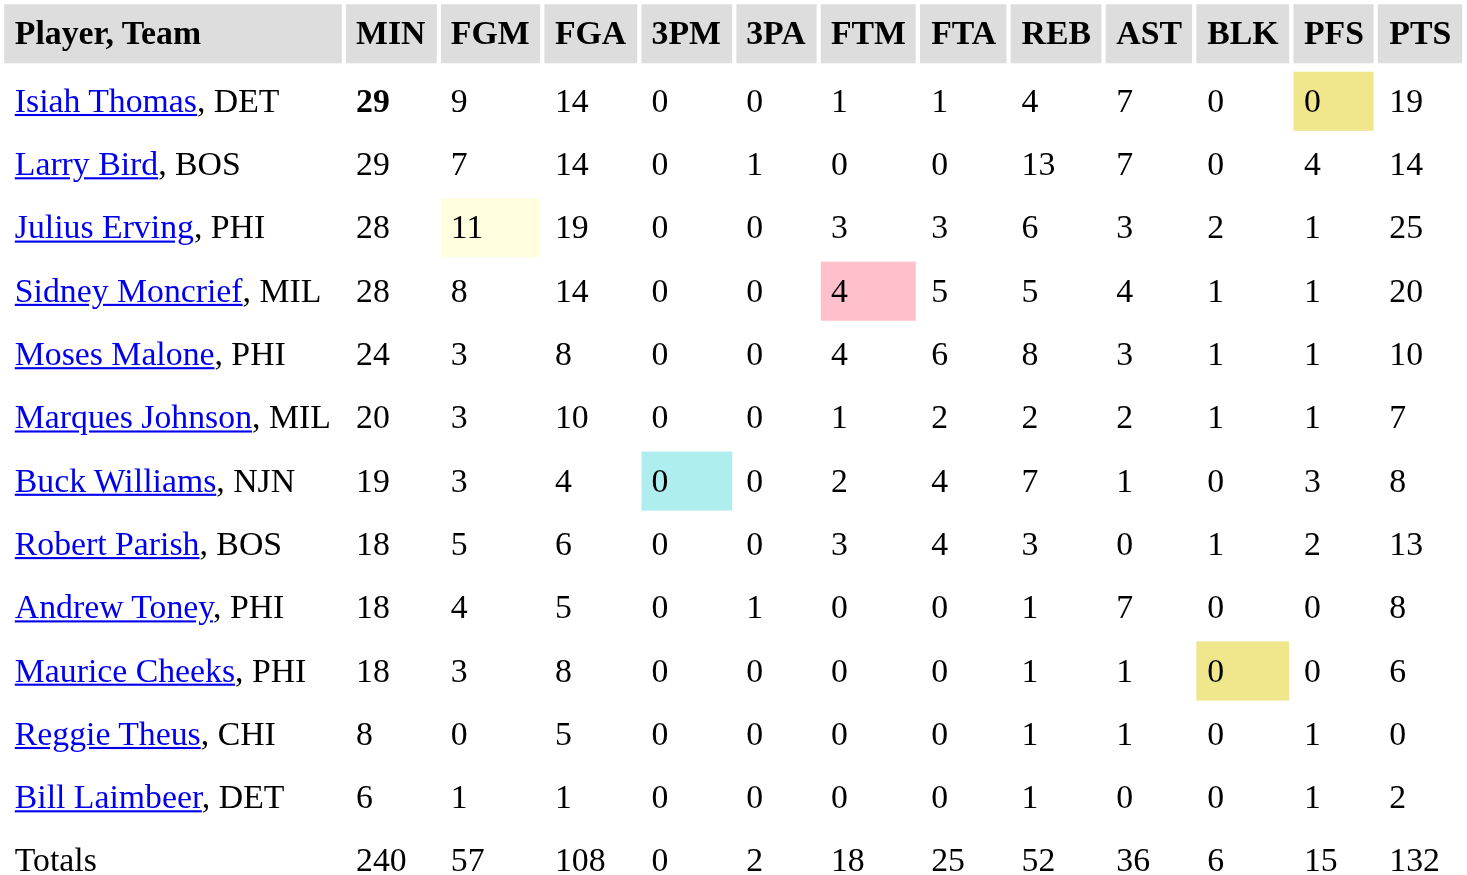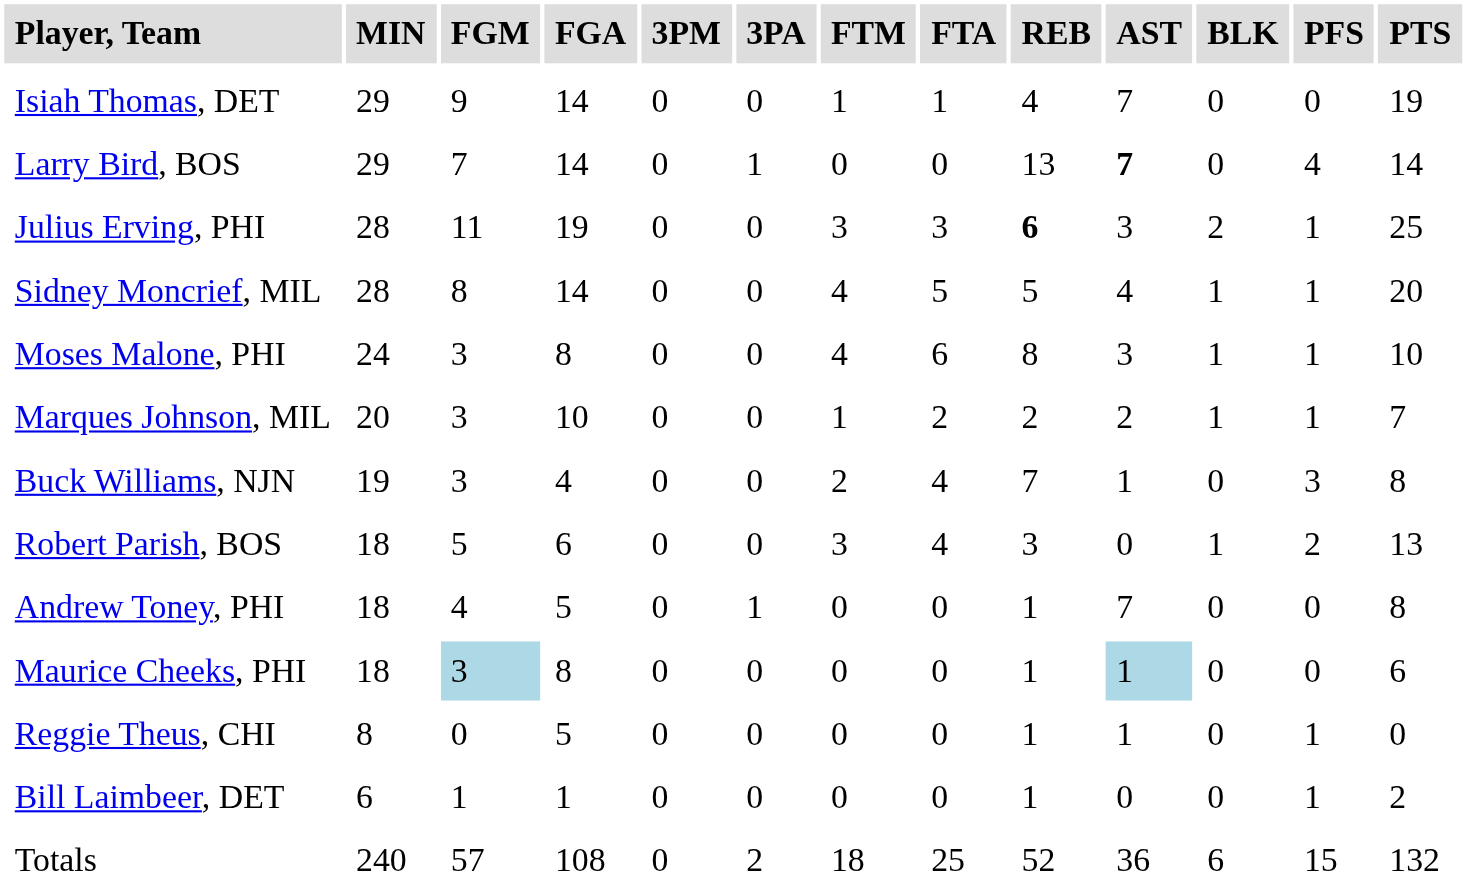 <table cellpadding=5>
 <tr bgcolor="#dddddd">
 <td><strong>Player, Team</strong></td>
 <td><strong>MIN</strong></td>
 <td><strong>FGM</strong></td>
 <td><strong>FGA</strong></td>
 <td><strong>3PM</strong></td>
 <td><strong>3PA</strong></td>
 <td><strong>FTM</strong></td>
 <td><strong>FTA</strong></td>
 <td><strong>REB</strong></td>
 <td><strong>AST</strong></td>
 <td><strong>BLK</strong></td>
 <td><strong>PFS</strong></td>
 <td><strong>PTS</strong></td>
 </tr>
 <tr bgcolor="#eeeeee">
 </tr>
 <tr>
 <td><a href='#'>Isiah Thomas</a>, DET</td>
-<td><strong>29</strong></td>
+<td>29</td>
 <td>9</td>
 <td>14</td>
 <td>0</td>
 <td>0</td>
 <td>1</td>
 <td>1</td>
 <td>4</td>
 <td>7</td>
 <td>0</td>
-<td style="background: khaki;">0</td>
+<td>0</td>
 <td>19</td>
 </tr>
 <tr>
 <td><a href='#'>Larry Bird</a>, BOS</td>
 <td>29</td>
 <td>7</td>
 <td>14</td>
 <td>0</td>
 <td>1</td>
 <td>0</td>
 <td>0</td>
 <td>13</td>
-<td>7</td>
+<td><strong>7</strong></td>
 <td>0</td>
 <td>4</td>
 <td>14</td>
 </tr>
 <tr>
 <td><a href='#'>Julius Erving</a>, PHI</td>
 <td>28</td>
-<td style="background: lightyellow;">11</td>
+<td>11</td>
 <td>19</td>
 <td>0</td>
 <td>0</td>
 <td>3</td>
 <td>3</td>
-<td>6</td>
+<td><strong>6</strong></td>
 <td>3</td>
 <td>2</td>
 <td>1</td>
 <td>25</td>
 </tr>
 <tr>
 <td><a href='#'>Sidney Moncrief</a>, MIL</td>
 <td>28</td>
 <td>8</td>
 <td>14</td>
 <td>0</td>
 <td>0</td>
-<td style="background: pink;">4</td>
+<td>4</td>
 <td>5</td>
 <td>5</td>
 <td>4</td>
 <td>1</td>
 <td>1</td>
 <td>20</td>
 </tr>
 <tr>
 <td><a href='#'>Moses Malone</a>, PHI</td>
 <td>24</td>
 <td>3</td>
 <td>8</td>
 <td>0</td>
 <td>0</td>
 <td>4</td>
 <td>6</td>
 <td>8</td>
 <td>3</td>
 <td>1</td>
 <td>1</td>
 <td>10</td>
 </tr>
 <tr>
 <td><a href='#'>Marques Johnson</a>, MIL</td>
 <td>20</td>
 <td>3</td>
 <td>10</td>
 <td>0</td>
 <td>0</td>
 <td>1</td>
 <td>2</td>
 <td>2</td>
 <td>2</td>
 <td>1</td>
 <td>1</td>
 <td>7</td>
 </tr>
 <tr>
 <td><a href='#'>Buck Williams</a>, NJN</td>
 <td>19</td>
 <td>3</td>
 <td>4</td>
-<td style="background: paleturquoise;">0</td>
+<td>0</td>
 <td>0</td>
 <td>2</td>
 <td>4</td>
 <td>7</td>
 <td>1</td>
 <td>0</td>
 <td>3</td>
 <td>8</td>
 </tr>
 <tr>
 <td><a href='#'>Robert Parish</a>, BOS</td>
 <td>18</td>
 <td>5</td>
 <td>6</td>
 <td>0</td>
 <td>0</td>
 <td>3</td>
 <td>4</td>
 <td>3</td>
 <td>0</td>
 <td>1</td>
 <td>2</td>
 <td>13</td>
 </tr>
 <tr>
 <td><a href='#'>Andrew Toney</a>, PHI</td>
 <td>18</td>
 <td>4</td>
 <td>5</td>
 <td>0</td>
 <td>1</td>
 <td>0</td>
 <td>0</td>
 <td>1</td>
 <td>7</td>
 <td>0</td>
 <td>0</td>
 <td>8</td>
 </tr>
 <tr>
 <td><a href='#'>Maurice Cheeks</a>, PHI</td>
 <td>18</td>
-<td>3</td>
+<td style="background: lightblue;">3</td>
 <td>8</td>
 <td>0</td>
 <td>0</td>
 <td>0</td>
 <td>0</td>
 <td>1</td>
-<td>1</td>
-<td style="background: khaki;">0</td>
+<td style="background: lightblue;">1</td>
+<td>0</td>
 <td>0</td>
 <td>6</td>
 </tr>
 <tr>
 <td><a href='#'>Reggie Theus</a>, CHI</td>
 <td>8</td>
 <td>0</td>
 <td>5</td>
 <td>0</td>
 <td>0</td>
 <td>0</td>
 <td>0</td>
 <td>1</td>
 <td>1</td>
 <td>0</td>
 <td>1</td>
 <td>0</td>
 </tr>
 <tr>
 <td><a href='#'>Bill Laimbeer</a>, DET</td>
 <td>6</td>
 <td>1</td>
 <td>1</td>
 <td>0</td>
 <td>0</td>
 <td>0</td>
 <td>0</td>
 <td>1</td>
 <td>0</td>
 <td>0</td>
 <td>1</td>
 <td>2</td>
 </tr>
 <tr>
 <td>Totals</td>
 <td>240</td>
 <td>57</td>
 <td>108</td>
 <td>0</td>
 <td>2</td>
 <td>18</td>
 <td>25</td>
 <td>52</td>
 <td>36</td>
 <td>6</td>
 <td>15</td>
 <td>132</td>
 </tr>
 <tr>
 </tr>
 </table>
